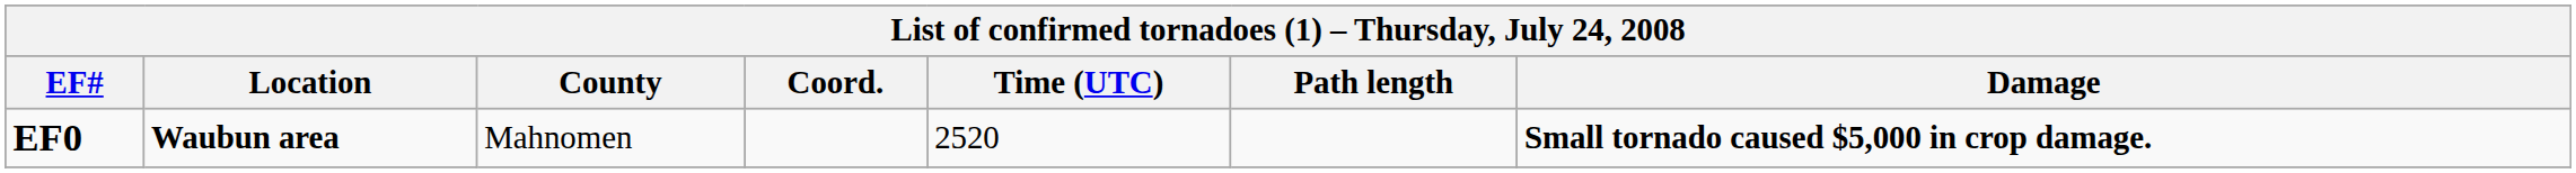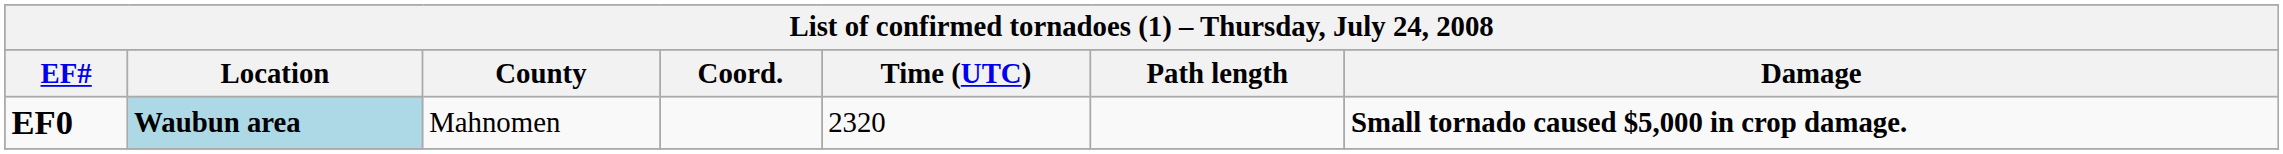 <table class="wikitable collapsible" width="100%">
 <tr>
 <th colspan="7">List of confirmed tornadoes (1) – Thursday, July 24, 2008</th>
 </tr>
 <tr>
 <th><a href='#'>EF#</a></th>
 <th>Location</th>
 <th>County</th>
 <th>Coord.</th>
 <th>Time (<a href='#'>UTC</a>)</th>
 <th>Path length</th>
 <th>Damage</th>
 </tr>
 <tr>
 <td><big><strong>EF0</strong></big></td>
-<td><strong>Waubun area</strong></td>
+<td style="background: lightblue;"><strong>Waubun area</strong></td>
 <td>Mahnomen</td>
 <td></td>
-<td>2520</td>
+<td>2320</td>
 <td></td>
 <td><strong>Small tornado caused $5,000 in crop damage.</strong></td>
 </tr>
 </table>
